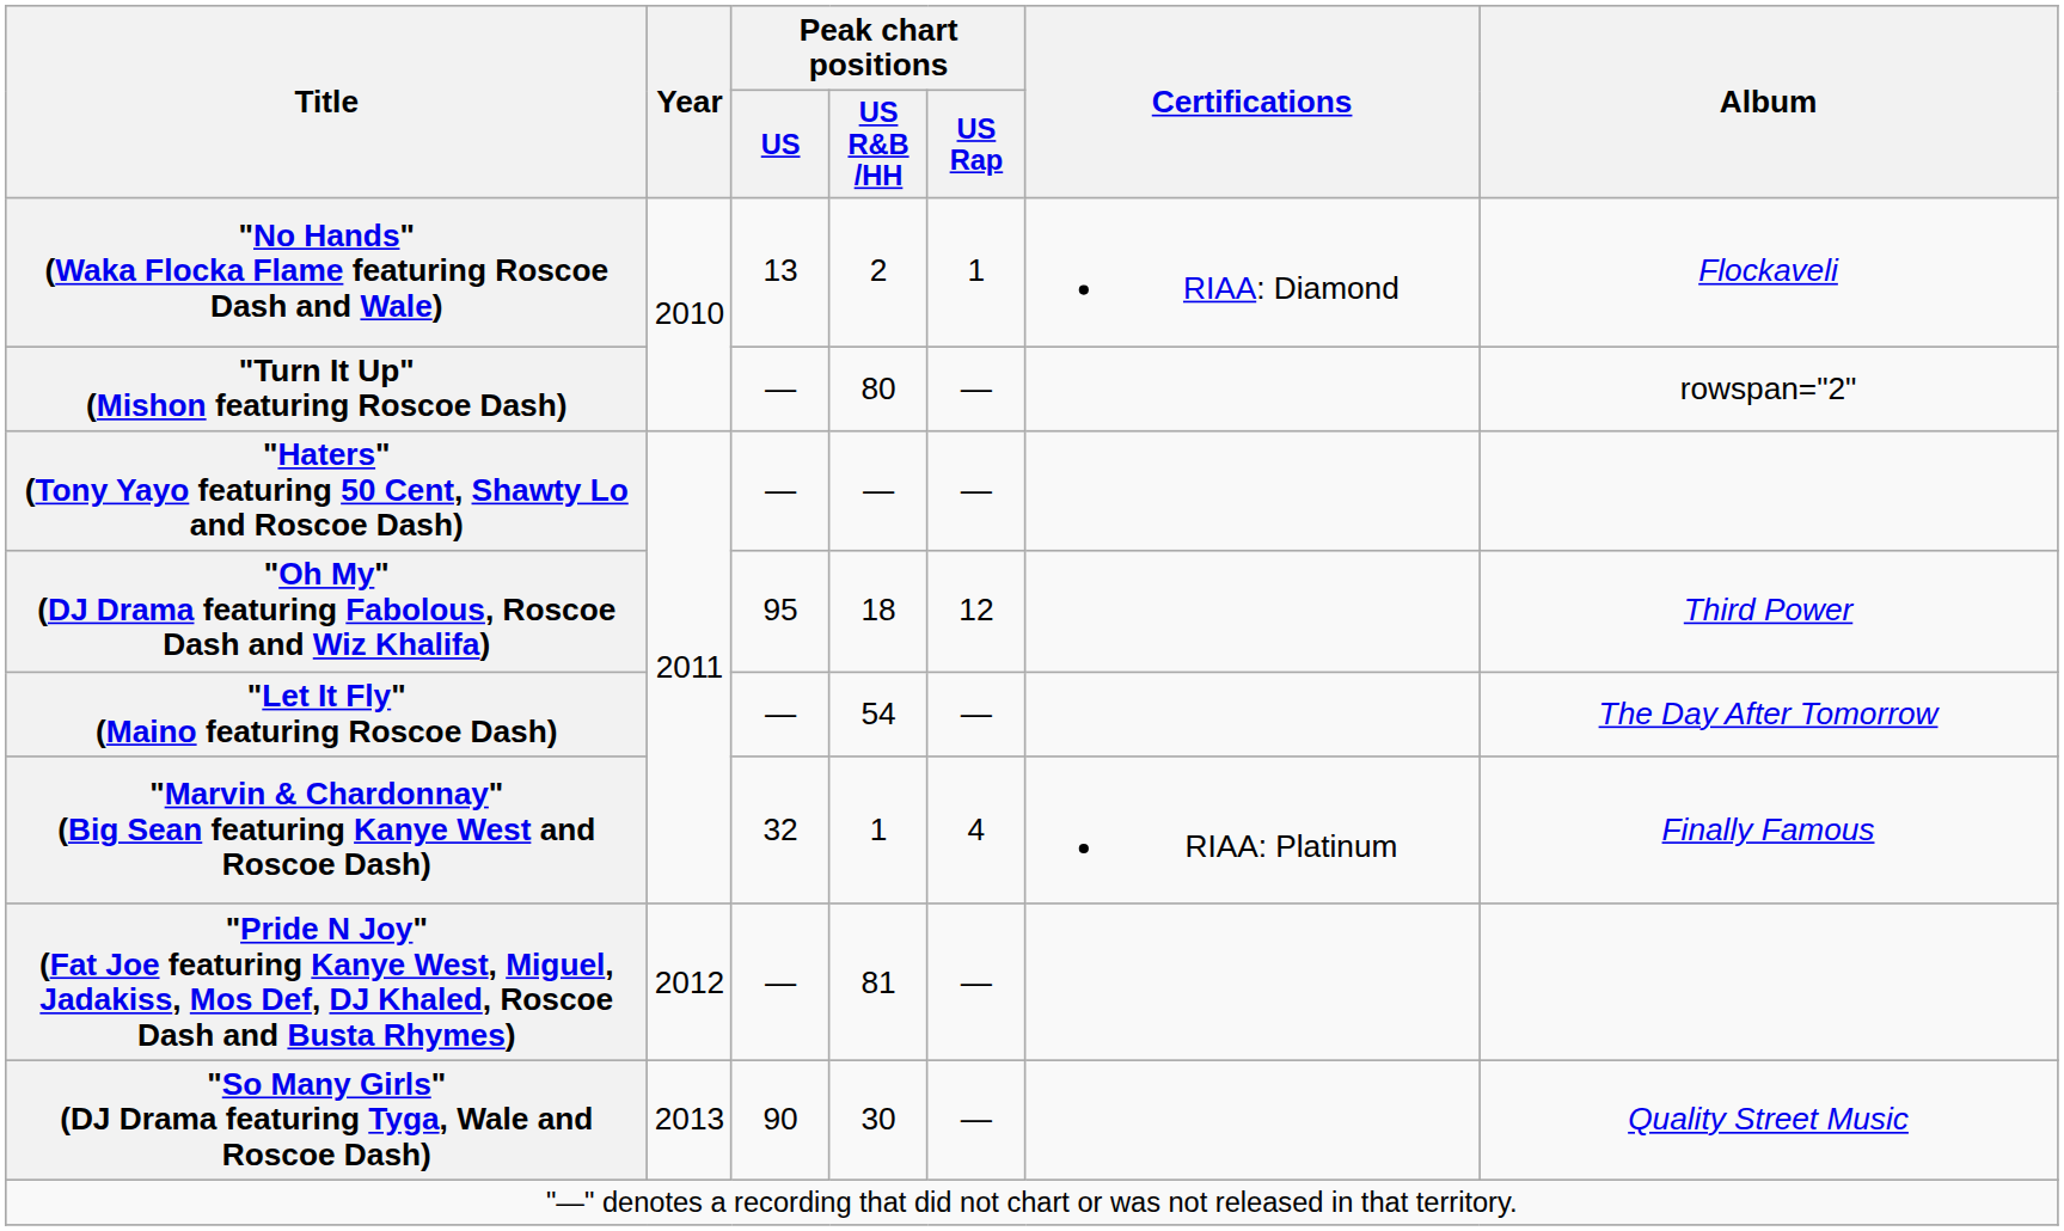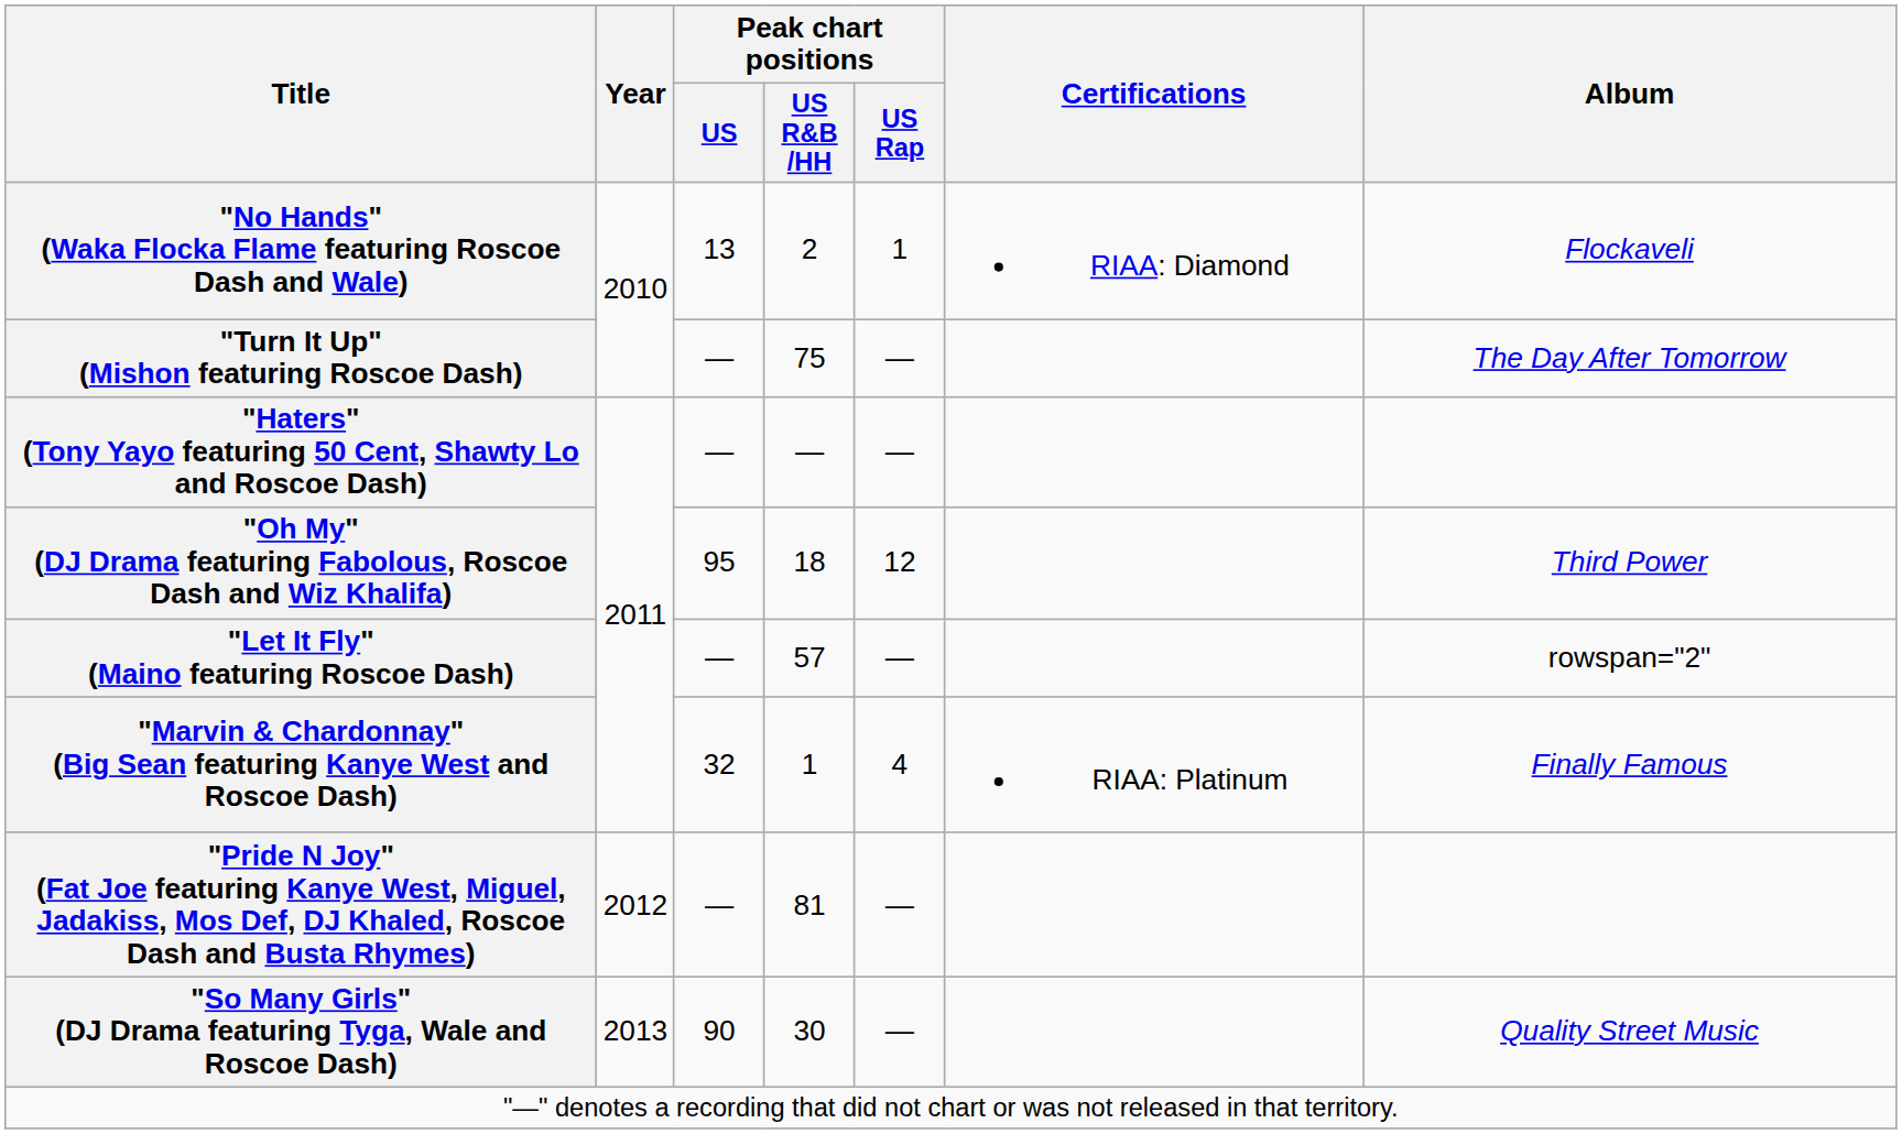 <table class="wikitable plainrowheaders" style="text-align:center;" border="1">
 <tr>
 <th scope="col" rowspan="2" style="width:20em;">Title</th>
 <th scope="col" rowspan="2" style="width:1em;">Year</th>
 <th scope="col" colspan="3">Peak chart positions</th>
 <th scope="col" rowspan="2" style="width:14em;"><a href='#'>Certifications</a></th>
 <th scope="col" rowspan="2" style="width:18em;">Album</th>
 </tr>
 <tr>
 <th scope="col" style="width:3em;font-size:90%;"><a href='#'>US</a><br></th>
 <th scope="col" style="width:3em;font-size:90%;"><a href='#'>US<br>R&B<br>/HH</a><br></th>
 <th scope="col" style="width:3em;font-size:90%;"><a href='#'>US<br>Rap</a><br></th>
 </tr>
 <tr>
 <th scope="row">"<a href='#'>No Hands</a>" <br> <span>(<a href='#'>Waka Flocka Flame</a> featuring Roscoe Dash and <a href='#'>Wale</a>)</span></th>
 <td rowspan="2">2010</td>
 <td>13</td>
 <td>2</td>
 <td>1</td>
 <td><br><ul><li><a href='#'>RIAA</a>: Diamond</li></ul></td>
 <td><em><a href='#'>Flockaveli</a></em></td>
 </tr>
 <tr>
 <th scope="row">"Turn It Up"<br> <span>(<a href='#'>Mishon</a> featuring Roscoe Dash)</span></th>
 <td>—</td>
-<td>80</td>
+<td>75</td>
 <td>—</td>
 <td></td>
-<td>rowspan="2" </td>
+<td><em><a href='#'>The Day After Tomorrow</a></em></td>
 </tr>
 <tr>
 <th scope="row">"<a href='#'>Haters</a>"<br> <span>(<a href='#'>Tony Yayo</a> featuring <a href='#'>50 Cent</a>, <a href='#'>Shawty Lo</a> and Roscoe Dash)</span></th>
 <td rowspan="4">2011</td>
 <td>—</td>
 <td>—</td>
 <td>—</td>
 <td></td>
 </tr>
 <tr>
 <th scope="row">"<a href='#'>Oh My</a>" <br> <span>(<a href='#'>DJ Drama</a> featuring <a href='#'>Fabolous</a>, Roscoe Dash and <a href='#'>Wiz Khalifa</a>)</span></th>
 <td>95</td>
 <td>18</td>
 <td>12</td>
 <td></td>
 <td><em><a href='#'>Third Power</a></em></td>
 </tr>
 <tr>
 <th scope="row">"<a href='#'>Let It Fly</a>" <br> <span>(<a href='#'>Maino</a> featuring Roscoe Dash)</span></th>
 <td>—</td>
-<td>54</td>
+<td>57</td>
 <td>—</td>
 <td></td>
-<td><em><a href='#'>The Day After Tomorrow</a></em></td>
+<td>rowspan="2" </td>
 </tr>
 <tr>
 <th scope="row">"<a href='#'>Marvin & Chardonnay</a>" <br> <span>(<a href='#'>Big Sean</a> featuring <a href='#'>Kanye West</a> and Roscoe Dash)</span></th>
 <td>32</td>
 <td>1</td>
 <td>4</td>
 <td><br><ul><li>RIAA: Platinum</li></ul></td>
 <td><em><a href='#'>Finally Famous</a></em></td>
 </tr>
 <tr>
 <th scope="row">"<a href='#'>Pride N Joy</a>" <br> <span>(<a href='#'>Fat Joe</a> featuring <a href='#'>Kanye West</a>, <a href='#'>Miguel</a>, <a href='#'>Jadakiss</a>, <a href='#'>Mos Def</a>, <a href='#'>DJ Khaled</a>, Roscoe Dash and <a href='#'>Busta Rhymes</a>)</span></th>
 <td>2012</td>
 <td>—</td>
 <td>81</td>
 <td>—</td>
 <td></td>
 <td></td>
 </tr>
 <tr>
 <th scope="row">"<a href='#'>So Many Girls</a>"<br><span>(DJ Drama featuring <a href='#'>Tyga</a>, Wale and Roscoe Dash)</span></th>
 <td>2013</td>
 <td>90</td>
 <td>30</td>
 <td>—</td>
 <td></td>
 <td><em><a href='#'>Quality Street Music</a></em></td>
 </tr>
 <tr>
 <td colspan="7" style="font-size:90%">"—" denotes a recording that did not chart or was not released in that territory.</td>
 </tr>
 </table>
